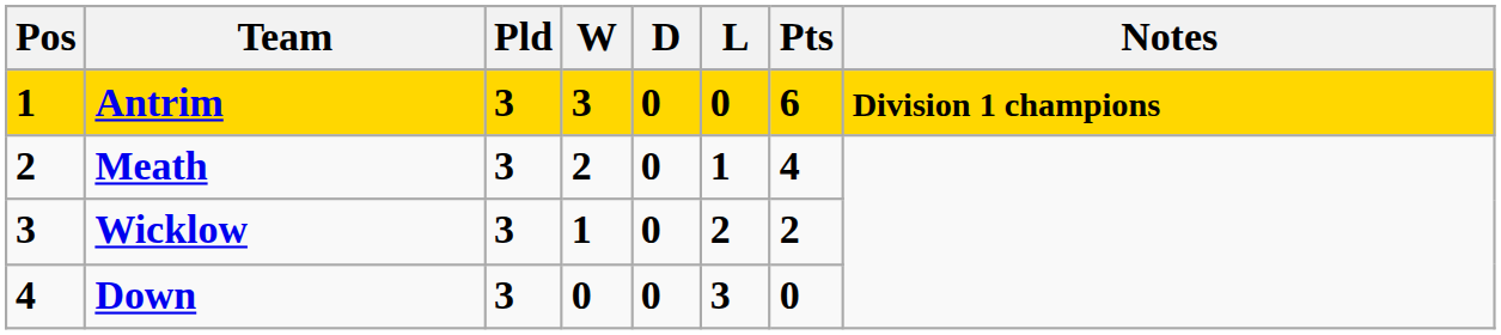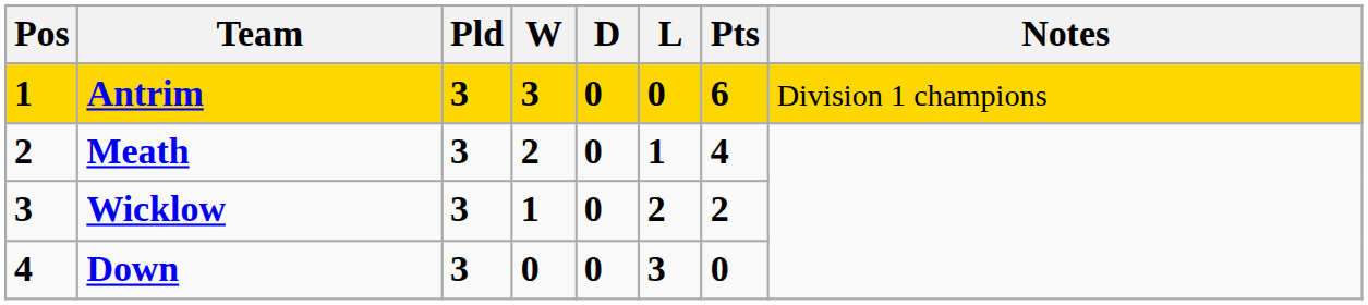 <table class="wikitable" style="text-align: centre;">
 <tr>
 <th width=20>Pos</th>
 <th width=150>Team</th>
 <th width=20>Pld</th>
 <th width=20>W</th>
 <th width=20>D</th>
 <th width=20>L</th>
 <th width=20>Pts</th>
 <th width=250>Notes</th>
 </tr>
 <tr style="background:gold;">
 <td><strong>1</strong></td>
 <td align=left><strong> <a href='#'>Antrim</a> </strong></td>
 <td><strong>3</strong></td>
 <td><strong>3</strong></td>
 <td><strong>0</strong></td>
 <td><strong>0</strong></td>
 <td><strong>6</strong></td>
-<td><strong><small> Division 1 champions</small></strong></td>
+<td><small> Division 1 champions</small></td>
 </tr>
 <tr style>
 <td><strong>2</strong></td>
 <td align=left><strong> <a href='#'>Meath</a> </strong></td>
 <td><strong>3</strong></td>
 <td><strong>2</strong></td>
 <td><strong>0</strong></td>
 <td><strong>1</strong></td>
 <td><strong>4</strong></td>
 </tr>
 <tr>
 <td><strong>3</strong></td>
 <td align=left><strong> <a href='#'>Wicklow</a> </strong></td>
 <td><strong>3</strong></td>
 <td><strong>1</strong></td>
 <td><strong>0</strong></td>
 <td><strong>2</strong></td>
 <td><strong>2</strong></td>
 </tr>
 <tr style>
 <td><strong>4</strong></td>
 <td align=left><strong> <a href='#'>Down</a> </strong></td>
 <td><strong>3</strong></td>
 <td><strong>0</strong></td>
 <td><strong>0</strong></td>
 <td><strong>3</strong></td>
 <td><strong>0</strong></td>
 </tr>
 </table>
